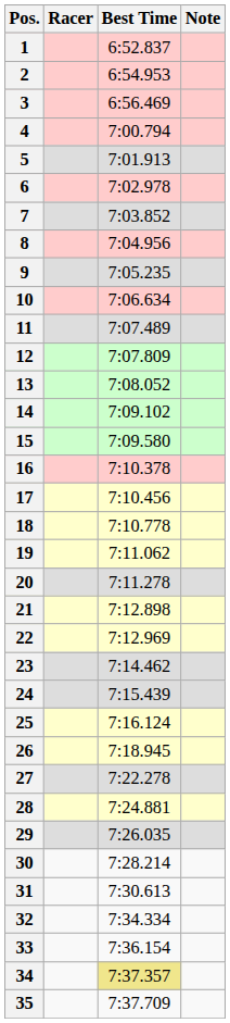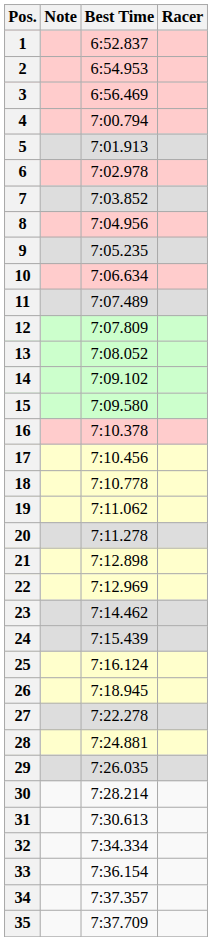 <table class="wikitable sortable plainrowheaders" style="text-align:center;">
 <tr>
 <th scope="col">Pos.</th>
+<th scope="col">Note</th>
+<th scope="col">Best Time</th>
 <th scope="col">Racer</th>
-<th scope="col">Best Time</th>
-<th scope="col">Note</th>
 </tr>
 <tr bgcolor=#ffcccc>
 <th style="text - align:center; ">1</th>
+<td></td>
+<td>6:52.837</td>
 <td align="left"></td>
-<td>6:52.837</td>
-<td></td>
 </tr>
 <tr bgcolor=#ffcccc>
 <th style="text - align:center; ">2</th>
+<td></td>
+<td>6:54.953</td>
 <td align="left"></td>
-<td>6:54.953</td>
-<td></td>
 </tr>
 <tr bgcolor=#ffcccc>
 <th style="text - align:center; ">3</th>
+<td></td>
+<td>6:56.469</td>
 <td align="left"></td>
-<td>6:56.469</td>
-<td></td>
 </tr>
 <tr bgcolor=#ffcccc>
 <th style="text - align:center; ">4</th>
+<td></td>
+<td>7:00.794</td>
 <td align="left"></td>
-<td>7:00.794</td>
-<td></td>
 </tr>
 <tr bgcolor=#dddddd>
 <th style="text - align:center; ">5</th>
+<td></td>
+<td>7:01.913</td>
 <td align="left"></td>
-<td>7:01.913</td>
-<td></td>
 </tr>
 <tr bgcolor=#ffcccc>
 <th style="text - align:center; ">6</th>
+<td></td>
+<td>7:02.978</td>
 <td align="left"></td>
-<td>7:02.978</td>
-<td></td>
 </tr>
 <tr bgcolor=#dddddd>
 <th style="text - align:center; ">7</th>
+<td></td>
+<td>7:03.852</td>
 <td align="left"></td>
-<td>7:03.852</td>
-<td></td>
 </tr>
 <tr bgcolor=#ffcccc>
 <th style="text - align:center; ">8</th>
+<td></td>
+<td>7:04.956</td>
 <td align="left"></td>
-<td>7:04.956</td>
-<td></td>
 </tr>
 <tr bgcolor=#dddddd>
 <th style="text - align:center; ">9</th>
+<td></td>
+<td>7:05.235</td>
 <td align="left"></td>
-<td>7:05.235</td>
-<td></td>
 </tr>
 <tr bgcolor=#ffcccc>
 <th style="text - align:center; ">10</th>
+<td></td>
+<td>7:06.634</td>
 <td align="left"></td>
-<td>7:06.634</td>
-<td></td>
 </tr>
 <tr bgcolor=#dddddd>
 <th style="text - align:center; ">11</th>
+<td></td>
+<td>7:07.489</td>
 <td align="left"></td>
-<td>7:07.489</td>
-<td></td>
 </tr>
 <tr bgcolor=#ccffcc>
 <th style="text - align:center; ">12</th>
+<td></td>
+<td>7:07.809</td>
 <td align="left"></td>
-<td>7:07.809</td>
-<td></td>
 </tr>
 <tr bgcolor=#ccffcc>
 <th style="text - align:center; ">13</th>
+<td></td>
+<td>7:08.052</td>
 <td align="left"></td>
-<td>7:08.052</td>
-<td></td>
 </tr>
 <tr bgcolor=#ccffcc>
 <th style="text - align:center; ">14</th>
+<td></td>
+<td>7:09.102</td>
 <td align="left"></td>
-<td>7:09.102</td>
-<td></td>
 </tr>
 <tr bgcolor=#ccffcc>
 <th style="text - align:center; ">15</th>
+<td></td>
+<td>7:09.580</td>
 <td align="left"></td>
-<td>7:09.580</td>
-<td></td>
 </tr>
 <tr bgcolor=#ffcccc>
 <th style="text - align:center; ">16</th>
+<td></td>
+<td>7:10.378</td>
 <td align="left"></td>
-<td>7:10.378</td>
-<td></td>
 </tr>
 <tr bgcolor=#ffffcc>
 <th style="text - align:center; ">17</th>
+<td></td>
+<td>7:10.456</td>
 <td align="left"></td>
-<td>7:10.456</td>
-<td></td>
 </tr>
 <tr bgcolor=#ffffcc>
 <th style="text - align:center; ">18</th>
+<td></td>
+<td>7:10.778</td>
 <td align="left"></td>
-<td>7:10.778</td>
-<td></td>
 </tr>
 <tr bgcolor=#ffffcc>
 <th style="text - align:center; ">19</th>
+<td></td>
+<td>7:11.062</td>
 <td align="left"></td>
-<td>7:11.062</td>
-<td></td>
 </tr>
 <tr bgcolor=#dddddd>
 <th style="text - align:center; ">20</th>
+<td></td>
+<td>7:11.278</td>
 <td align="left"></td>
-<td>7:11.278</td>
-<td></td>
 </tr>
 <tr bgcolor=#ffffcc>
 <th style="text - align:center; ">21</th>
+<td></td>
+<td>7:12.898</td>
 <td align="left"></td>
-<td>7:12.898</td>
-<td></td>
 </tr>
 <tr bgcolor=#ffffcc>
 <th style="text - align:center; ">22</th>
+<td></td>
+<td>7:12.969</td>
 <td align="left"></td>
-<td>7:12.969</td>
-<td></td>
 </tr>
 <tr bgcolor=#dddddd>
 <th style="text - align:center; ">23</th>
+<td></td>
+<td>7:14.462</td>
 <td align="left"></td>
-<td>7:14.462</td>
-<td></td>
 </tr>
 <tr bgcolor=#dddddd>
 <th style="text - align:center; ">24</th>
+<td></td>
+<td>7:15.439</td>
 <td align="left"></td>
-<td>7:15.439</td>
-<td></td>
 </tr>
 <tr bgcolor=#ffffcc>
 <th style="text - align:center; ">25</th>
+<td></td>
+<td>7:16.124</td>
 <td align="left"></td>
-<td>7:16.124</td>
-<td></td>
 </tr>
 <tr bgcolor=#ffffcc>
 <th style="text - align:center; ">26</th>
+<td></td>
+<td>7:18.945</td>
 <td align="left"></td>
-<td>7:18.945</td>
-<td></td>
 </tr>
 <tr bgcolor=#dddddd>
 <th style="text - align:center; ">27</th>
+<td></td>
+<td>7:22.278</td>
 <td align="left"></td>
-<td>7:22.278</td>
-<td></td>
 </tr>
 <tr bgcolor=#ffffcc>
 <th style="text - align:center; ">28</th>
+<td></td>
+<td>7:24.881</td>
 <td align="left"></td>
-<td>7:24.881</td>
-<td></td>
 </tr>
 <tr bgcolor=#dddddd>
 <th style="text - align:center; ">29</th>
+<td></td>
+<td>7:26.035</td>
 <td align="left"></td>
-<td>7:26.035</td>
-<td></td>
 </tr>
 <tr>
 <th style="text - align:center; ">30</th>
+<td></td>
+<td>7:28.214</td>
 <td align="left"></td>
-<td>7:28.214</td>
-<td></td>
 </tr>
 <tr>
 <th style="text - align:center; ">31</th>
+<td></td>
+<td>7:30.613</td>
 <td align="left"></td>
-<td>7:30.613</td>
-<td></td>
 </tr>
 <tr>
 <th style="text - align:center; ">32</th>
+<td></td>
+<td>7:34.334</td>
 <td align="left"></td>
-<td>7:34.334</td>
-<td></td>
 </tr>
 <tr>
 <th style="text - align:center; ">33</th>
+<td></td>
+<td>7:36.154</td>
 <td align="left"></td>
-<td>7:36.154</td>
-<td></td>
 </tr>
 <tr>
 <th style="text - align:center; ">34</th>
+<td></td>
+<td>7:37.357</td>
 <td align="left"></td>
-<td style="background: khaki;">7:37.357</td>
-<td></td>
 </tr>
 <tr>
 <th style="text - align:center; ">35</th>
+<td></td>
+<td>7:37.709</td>
 <td align="left"></td>
-<td>7:37.709</td>
-<td></td>
 </tr>
 </table>
